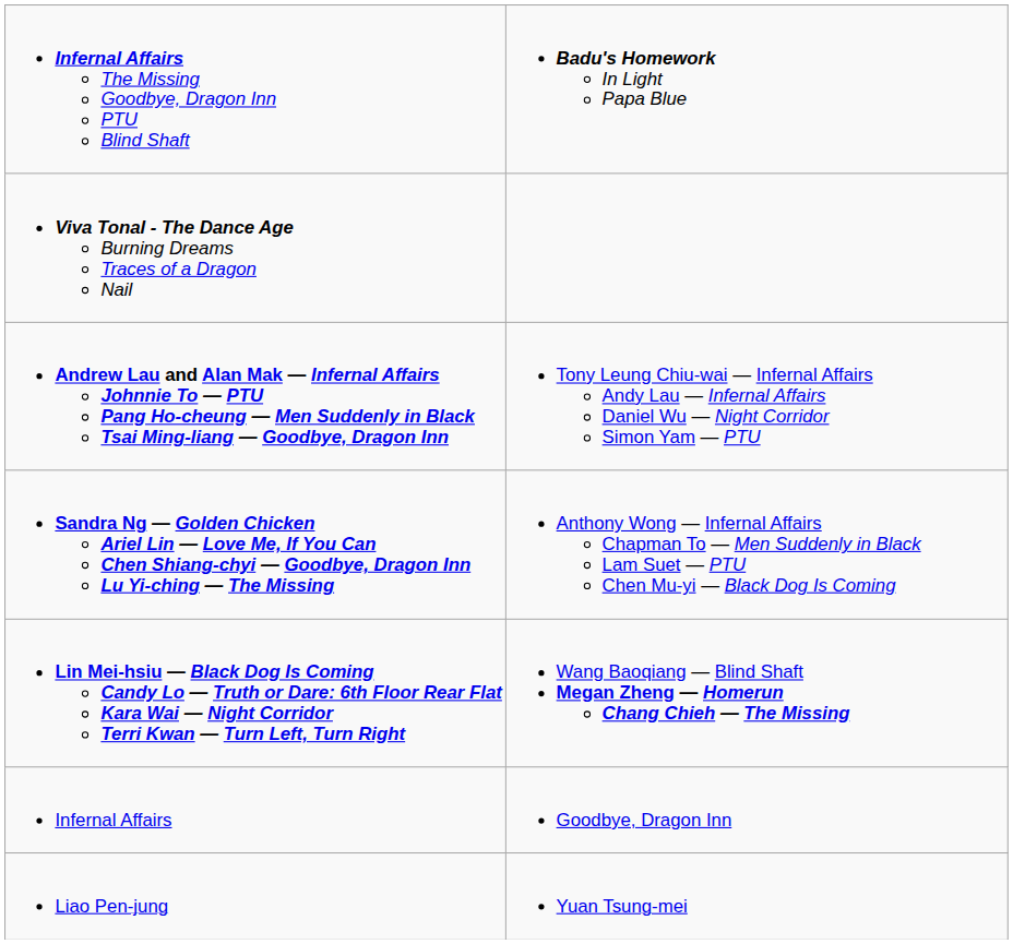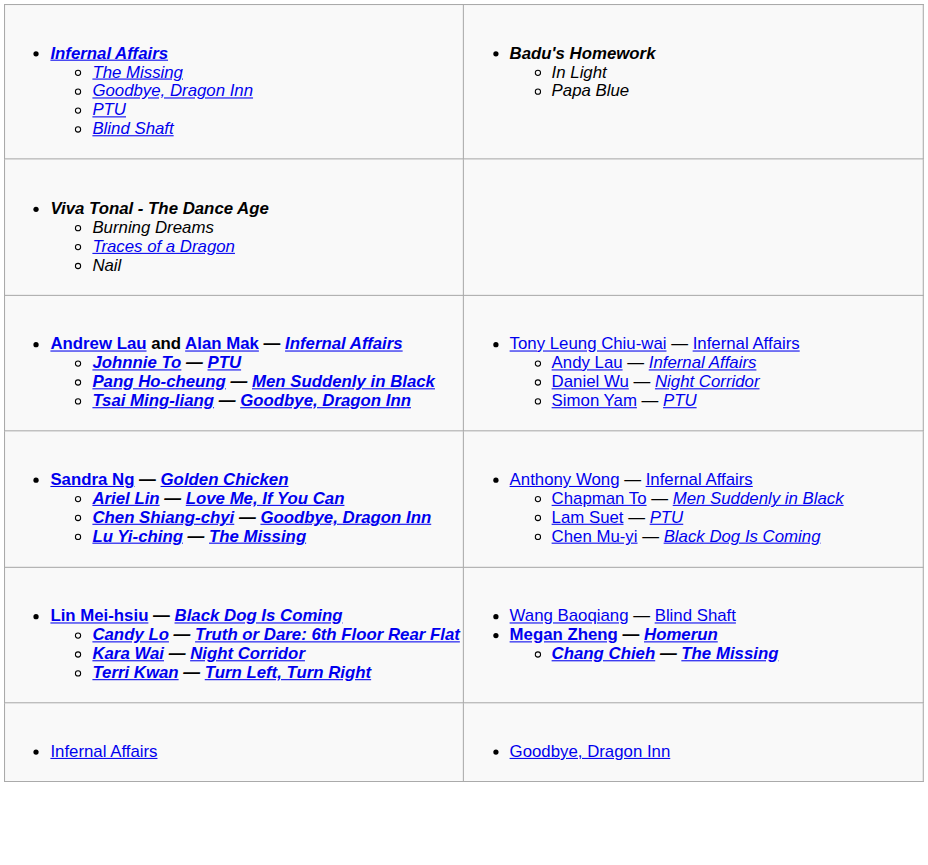 <table class=wikitable>
 <tr>
 <td valign="top" width="50%"><br><ul><li><strong><em><a href='#'>Infernal Affairs</a></em></strong><ul><li><em><a href='#'>The Missing</a></em></li><li><em><a href='#'>Goodbye, Dragon Inn</a></em></li><li><em><a href='#'>PTU</a></em></li><li><em><a href='#'>Blind Shaft</a></em></li></ul></li></ul></td>
 <td valign="top" width="50%"><br><ul><li><strong><em>Badu's Homework</em></strong><ul><li><em>In Light</em></li><li><em>Papa Blue</em></li></ul></li></ul></td>
 </tr>
 <tr>
 <td valign="top" width="50%"><br><ul><li><strong><em>Viva Tonal - The Dance Age</em></strong><ul><li><em>Burning Dreams</em></li><li><em><a href='#'>Traces of a Dragon</a></em></li><li><em>Nail</em></li></ul></li></ul></td>
 <td valign="top" width="50%"><br> </td>
 </tr>
 <tr>
 <td valign="top" width="50%"><br><ul><li><strong><a href='#'>Andrew Lau</a> and <a href='#'>Alan Mak</a> — <em><a href='#'>Infernal Affairs</a><strong><em><ul><li><a href='#'>Johnnie To</a>  — </em><a href='#'>PTU</a><em></li><li><a href='#'>Pang Ho-cheung</a> — </em><a href='#'>Men Suddenly in Black</a><em></li><li><a href='#'>Tsai Ming-liang</a> — </em><a href='#'>Goodbye, Dragon Inn</a><em></li></ul></li></ul></td>
 <td valign="top" width="50%"><br><ul><li></strong><a href='#'>Tony Leung Chiu-wai</a> — </em><a href='#'>Infernal Affairs</a></em></strong><ul><li><a href='#'>Andy Lau</a> — <em><a href='#'>Infernal Affairs</a></em></li><li><a href='#'>Daniel Wu</a> — <em><a href='#'>Night Corridor</a></em></li><li><a href='#'>Simon Yam</a> — <em><a href='#'>PTU</a></em></li></ul></li></ul></td>
 </tr>
 <tr>
 <td valign="top" width="50%"><br><ul><li><strong><a href='#'>Sandra Ng</a> — <em><a href='#'>Golden Chicken</a><strong><em><ul><li><a href='#'>Ariel Lin</a> — </em><a href='#'>Love Me, If You Can</a><em></li><li><a href='#'>Chen Shiang-chyi</a> — </em><a href='#'>Goodbye, Dragon Inn</a><em></li><li><a href='#'>Lu Yi-ching</a> — </em><a href='#'>The Missing</a><em></li></ul></li></ul></td>
 <td valign="top" width="50%"><br><ul><li></strong><a href='#'>Anthony Wong</a> — </em><a href='#'>Infernal Affairs</a></em></strong><ul><li><a href='#'>Chapman To</a> — <em><a href='#'>Men Suddenly in Black</a></em></li><li><a href='#'>Lam Suet</a> — <em><a href='#'>PTU</a></em></li><li><a href='#'>Chen Mu-yi</a> — <em><a href='#'>Black Dog Is Coming</a></em></li></ul></li></ul></td>
 </tr>
 <tr>
 <td valign="top" width="50%"><br><ul><li><strong><a href='#'>Lin Mei-hsiu</a> — <em><a href='#'>Black Dog Is Coming</a><strong><em><ul><li><a href='#'>Candy Lo</a> — </em><a href='#'>Truth or Dare: 6th Floor Rear Flat</a><em></li><li><a href='#'>Kara Wai</a> — </em><a href='#'>Night Corridor</a><em></li><li><a href='#'>Terri Kwan</a> — </em><a href='#'>Turn Left, Turn Right</a><em></li></ul></li></ul></td>
 <td valign="top" width="50%"><br><ul><li></strong><a href='#'>Wang Baoqiang</a> — </em><a href='#'>Blind Shaft</a></em></strong></li><li><strong><a href='#'>Megan Zheng</a> — <em><a href='#'>Homerun</a><strong><em><ul><li><a href='#'>Chang Chieh</a> — </em><a href='#'>The Missing</a><em></li></ul></li></ul></td>
 </tr>
 <tr>
 <td valign="top" width="50%"><br><ul><li></em></strong><a href='#'>Infernal Affairs</a><strong><em></li></ul></td>
 <td valign="top" width="50%"><br><ul><li></em></strong><a href='#'>Goodbye, Dragon Inn</a><strong><em></li></ul></td>
 </tr>
-<tr>
-<td valign="top" width="50%"><br><ul><li></strong><a href='#'>Liao Pen-jung</a><strong></li></ul></td>
-<td valign="top" width="50%"><br><ul><li></strong><a href='#'>Yuan Tsung-mei</a><strong></li></ul></td>
-</tr>
 </table>
